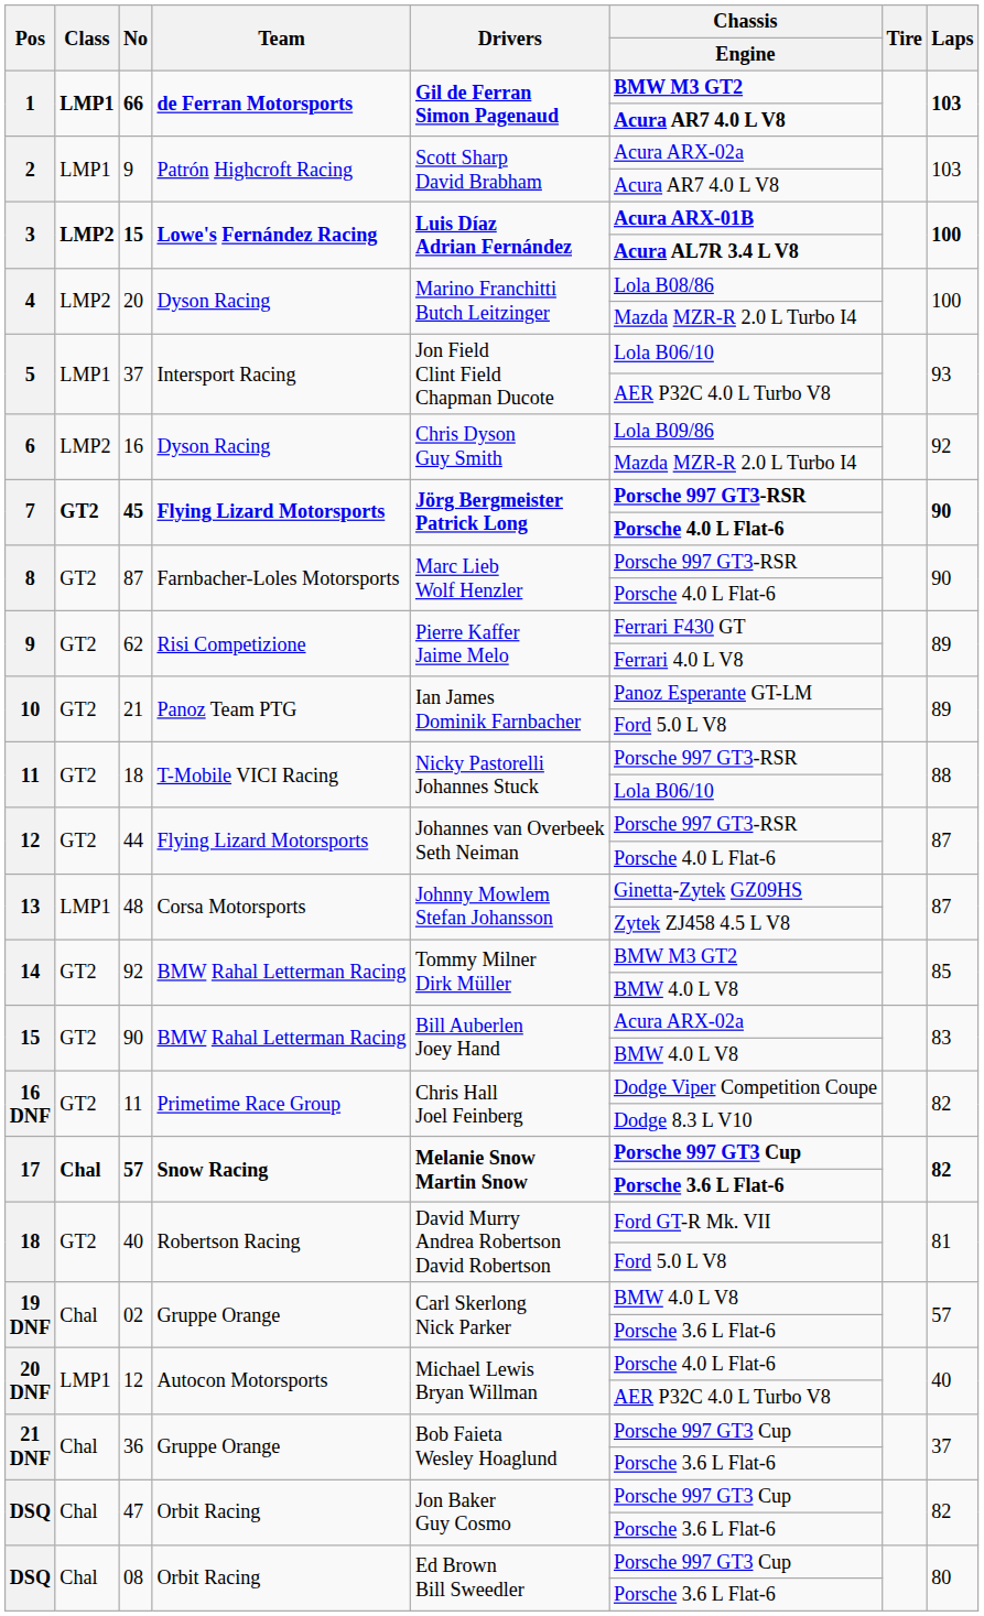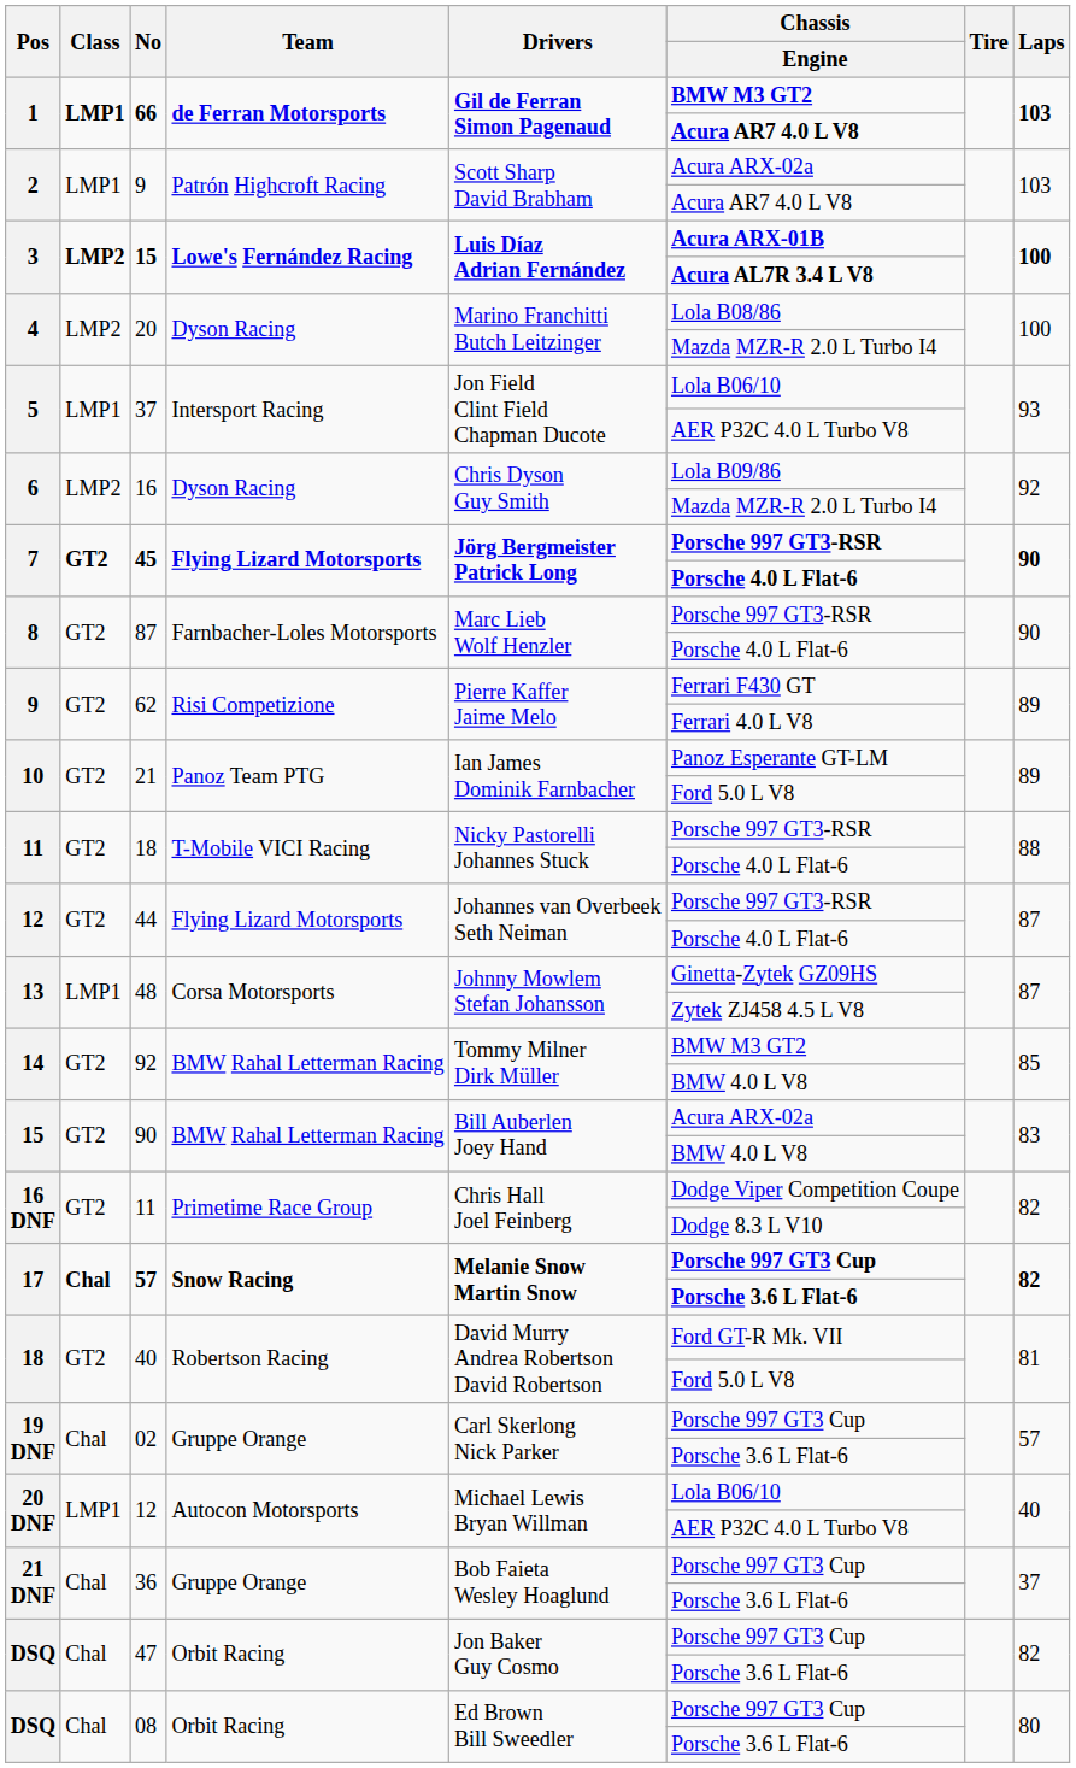 <table class="wikitable" style="font-size: 95%;">
 <tr>
 <th rowspan=2>Pos</th>
 <th rowspan=2>Class</th>
 <th rowspan=2>No</th>
 <th rowspan=2>Team</th>
 <th rowspan=2>Drivers</th>
 <th>Chassis</th>
 <th rowspan=2>Tire</th>
 <th rowspan=2>Laps</th>
 </tr>
 <tr>
 <th>Engine</th>
 </tr>
 <tr style="font-weight:bold">
 <th rowspan=2>1</th>
 <td rowspan=2>LMP1</td>
 <td rowspan=2>66</td>
 <td rowspan=2> <a href='#'>de Ferran Motorsports</a></td>
 <td rowspan=2> <a href='#'>Gil de Ferran</a><br> <a href='#'>Simon Pagenaud</a></td>
 <td><a href='#'>BMW M3 GT2</a></td>
 <td rowspan=2></td>
 <td rowspan=2>103</td>
 </tr>
 <tr style="font-weight:bold">
 <td><a href='#'>Acura</a> AR7 4.0 L V8</td>
 </tr>
 <tr>
 <th rowspan=2>2</th>
 <td rowspan=2>LMP1</td>
 <td rowspan=2>9</td>
 <td rowspan=2> <a href='#'>Patrón</a> <a href='#'>Highcroft Racing</a></td>
 <td rowspan=2> <a href='#'>Scott Sharp</a><br> <a href='#'>David Brabham</a></td>
 <td><a href='#'>Acura ARX-02a</a></td>
 <td rowspan=2></td>
 <td rowspan=2>103</td>
 </tr>
 <tr>
 <td><a href='#'>Acura</a> AR7 4.0 L V8</td>
 </tr>
 <tr style="font-weight:bold">
 <th rowspan=2>3</th>
 <td rowspan=2>LMP2</td>
 <td rowspan=2>15</td>
 <td rowspan=2> <a href='#'>Lowe's</a> <a href='#'>Fernández Racing</a></td>
 <td rowspan=2> <a href='#'>Luis Díaz</a><br> <a href='#'>Adrian Fernández</a></td>
 <td><a href='#'>Acura ARX-01B</a></td>
 <td rowspan=2></td>
 <td rowspan=2>100</td>
 </tr>
 <tr style="font-weight:bold">
 <td><a href='#'>Acura</a> AL7R 3.4 L V8</td>
 </tr>
 <tr>
 <th rowspan=2>4</th>
 <td rowspan=2>LMP2</td>
 <td rowspan=2>20</td>
 <td rowspan=2> <a href='#'>Dyson Racing</a></td>
 <td rowspan=2> <a href='#'>Marino Franchitti</a><br> <a href='#'>Butch Leitzinger</a></td>
 <td><a href='#'>Lola B08/86</a></td>
 <td rowspan=2></td>
 <td rowspan=2>100</td>
 </tr>
 <tr>
 <td><a href='#'>Mazda</a> <a href='#'>MZR-R</a> 2.0 L Turbo I4</td>
 </tr>
 <tr>
 <th rowspan=2>5</th>
 <td rowspan=2>LMP1</td>
 <td rowspan=2>37</td>
 <td rowspan=2> Intersport Racing</td>
 <td rowspan=2> Jon Field<br> Clint Field<br> Chapman Ducote</td>
 <td><a href='#'>Lola B06/10</a></td>
 <td rowspan=2></td>
 <td rowspan=2>93</td>
 </tr>
 <tr>
 <td><a href='#'>AER</a> P32C 4.0 L Turbo V8</td>
 </tr>
 <tr>
 <th rowspan=2>6</th>
 <td rowspan=2>LMP2</td>
 <td rowspan=2>16</td>
 <td rowspan=2> <a href='#'>Dyson Racing</a></td>
 <td rowspan=2> <a href='#'>Chris Dyson</a><br> <a href='#'>Guy Smith</a></td>
 <td><a href='#'>Lola B09/86</a></td>
 <td rowspan=2></td>
 <td rowspan=2>92</td>
 </tr>
 <tr>
 <td><a href='#'>Mazda</a> <a href='#'>MZR-R</a> 2.0 L Turbo I4</td>
 </tr>
 <tr style="font-weight:bold">
 <th rowspan=2>7</th>
 <td rowspan=2>GT2</td>
 <td rowspan=2>45</td>
 <td rowspan=2> <a href='#'>Flying Lizard Motorsports</a></td>
 <td rowspan=2> <a href='#'>Jörg Bergmeister</a><br> <a href='#'>Patrick Long</a></td>
 <td><a href='#'>Porsche 997 GT3</a>-RSR</td>
 <td rowspan=2></td>
 <td rowspan=2>90</td>
 </tr>
 <tr style="font-weight:bold">
 <td><a href='#'>Porsche</a> 4.0 L Flat-6</td>
 </tr>
 <tr>
 <th rowspan=2>8</th>
 <td rowspan=2>GT2</td>
 <td rowspan=2>87</td>
 <td rowspan=2> Farnbacher-Loles Motorsports</td>
 <td rowspan=2> <a href='#'>Marc Lieb</a><br> <a href='#'>Wolf Henzler</a></td>
 <td><a href='#'>Porsche 997 GT3</a>-RSR</td>
 <td rowspan=2></td>
 <td rowspan=2>90</td>
 </tr>
 <tr>
 <td><a href='#'>Porsche</a> 4.0 L Flat-6</td>
 </tr>
 <tr>
 <th rowspan=2>9</th>
 <td rowspan=2>GT2</td>
 <td rowspan=2>62</td>
 <td rowspan=2> <a href='#'>Risi Competizione</a></td>
 <td rowspan=2> <a href='#'>Pierre Kaffer</a><br> <a href='#'>Jaime Melo</a></td>
 <td><a href='#'>Ferrari F430</a> GT</td>
 <td rowspan=2></td>
 <td rowspan=2>89</td>
 </tr>
 <tr>
 <td><a href='#'>Ferrari</a> 4.0 L V8</td>
 </tr>
 <tr>
 <th rowspan=2>10</th>
 <td rowspan=2>GT2</td>
 <td rowspan=2>21</td>
 <td rowspan=2> <a href='#'>Panoz</a> Team PTG</td>
 <td rowspan=2> Ian James<br> <a href='#'>Dominik Farnbacher</a></td>
 <td><a href='#'>Panoz Esperante</a> GT-LM</td>
 <td rowspan=2></td>
 <td rowspan=2>89</td>
 </tr>
 <tr>
 <td><a href='#'>Ford</a> 5.0 L V8</td>
 </tr>
 <tr>
 <th rowspan=2>11</th>
 <td rowspan=2>GT2</td>
 <td rowspan=2>18</td>
 <td rowspan=2> <a href='#'>T-Mobile</a> VICI Racing</td>
 <td rowspan=2> <a href='#'>Nicky Pastorelli</a><br> Johannes Stuck</td>
 <td><a href='#'>Porsche 997 GT3</a>-RSR</td>
 <td rowspan=2></td>
 <td rowspan=2>88</td>
 </tr>
 <tr>
-<td><a href='#'>Lola B06/10</a></td>
+<td><a href='#'>Porsche</a> 4.0 L Flat-6</td>
 </tr>
 <tr>
 <th rowspan=2>12</th>
 <td rowspan=2>GT2</td>
 <td rowspan=2>44</td>
 <td rowspan=2> <a href='#'>Flying Lizard Motorsports</a></td>
 <td rowspan=2> Johannes van Overbeek<br> Seth Neiman</td>
 <td><a href='#'>Porsche 997 GT3</a>-RSR</td>
 <td rowspan=2></td>
 <td rowspan=2>87</td>
 </tr>
 <tr>
 <td><a href='#'>Porsche</a> 4.0 L Flat-6</td>
 </tr>
 <tr>
 <th rowspan=2>13</th>
 <td rowspan=2>LMP1</td>
 <td rowspan=2>48</td>
 <td rowspan=2> Corsa Motorsports</td>
 <td rowspan=2> <a href='#'>Johnny Mowlem</a><br> <a href='#'>Stefan Johansson</a></td>
 <td><a href='#'>Ginetta</a>-<a href='#'>Zytek</a> <a href='#'>GZ09HS</a></td>
 <td rowspan=2></td>
 <td rowspan=2>87</td>
 </tr>
 <tr>
 <td><a href='#'>Zytek</a> ZJ458 4.5 L V8</td>
 </tr>
 <tr>
 <th rowspan=2>14</th>
 <td rowspan=2>GT2</td>
 <td rowspan=2>92</td>
 <td rowspan=2> <a href='#'>BMW</a> <a href='#'>Rahal Letterman Racing</a></td>
 <td rowspan=2> Tommy Milner<br> <a href='#'>Dirk Müller</a></td>
 <td><a href='#'>BMW M3 GT2</a></td>
 <td rowspan=2></td>
 <td rowspan=2>85</td>
 </tr>
 <tr>
 <td><a href='#'>BMW</a> 4.0 L V8</td>
 </tr>
 <tr>
 <th rowspan=2>15</th>
 <td rowspan=2>GT2</td>
 <td rowspan=2>90</td>
 <td rowspan=2> <a href='#'>BMW</a> <a href='#'>Rahal Letterman Racing</a></td>
 <td rowspan=2> <a href='#'>Bill Auberlen</a><br> Joey Hand</td>
 <td><a href='#'>Acura ARX-02a</a></td>
 <td rowspan=2></td>
 <td rowspan=2>83</td>
 </tr>
 <tr>
 <td><a href='#'>BMW</a> 4.0 L V8</td>
 </tr>
 <tr>
 <th rowspan=2>16<br>DNF</th>
 <td rowspan=2>GT2</td>
 <td rowspan=2>11</td>
 <td rowspan=2> <a href='#'>Primetime Race Group</a></td>
 <td rowspan=2> Chris Hall<br> Joel Feinberg</td>
 <td><a href='#'>Dodge Viper</a> Competition Coupe</td>
 <td rowspan=2></td>
 <td rowspan=2>82</td>
 </tr>
 <tr>
 <td><a href='#'>Dodge</a> 8.3 L V10</td>
 </tr>
 <tr style="font-weight:bold">
 <th rowspan=2>17</th>
 <td rowspan=2>Chal</td>
 <td rowspan=2>57</td>
 <td rowspan=2> Snow Racing</td>
 <td rowspan=2> Melanie Snow<br> Martin Snow</td>
 <td><a href='#'>Porsche 997 GT3</a> Cup</td>
 <td rowspan=2></td>
 <td rowspan=2>82</td>
 </tr>
 <tr style="font-weight:bold">
 <td><a href='#'>Porsche</a> 3.6 L Flat-6</td>
 </tr>
 <tr>
 <th rowspan=2>18</th>
 <td rowspan=2>GT2</td>
 <td rowspan=2>40</td>
 <td rowspan=2> Robertson Racing</td>
 <td rowspan=2> David Murry<br> Andrea Robertson<br> David Robertson</td>
 <td><a href='#'>Ford GT</a>-R Mk. VII</td>
 <td rowspan=2></td>
 <td rowspan=2>81</td>
 </tr>
 <tr>
 <td><a href='#'>Ford</a> 5.0 L V8</td>
 </tr>
 <tr>
 <th rowspan=2>19<br>DNF</th>
 <td rowspan=2>Chal</td>
 <td rowspan=2>02</td>
 <td rowspan=2> Gruppe Orange</td>
 <td rowspan=2> Carl Skerlong<br> Nick Parker</td>
-<td><a href='#'>BMW</a> 4.0 L V8</td>
+<td><a href='#'>Porsche 997 GT3</a> Cup</td>
 <td rowspan=2></td>
 <td rowspan=2>57</td>
 </tr>
 <tr>
 <td><a href='#'>Porsche</a> 3.6 L Flat-6</td>
 </tr>
 <tr>
 <th rowspan=2>20<br>DNF</th>
 <td rowspan=2>LMP1</td>
 <td rowspan=2>12</td>
 <td rowspan=2> Autocon Motorsports</td>
 <td rowspan=2> Michael Lewis<br> Bryan Willman</td>
-<td><a href='#'>Porsche</a> 4.0 L Flat-6</td>
+<td><a href='#'>Lola B06/10</a></td>
 <td rowspan=2></td>
 <td rowspan=2>40</td>
 </tr>
 <tr>
 <td><a href='#'>AER</a> P32C 4.0 L Turbo V8</td>
 </tr>
 <tr>
 <th rowspan=2>21<br>DNF</th>
 <td rowspan=2>Chal</td>
 <td rowspan=2>36</td>
 <td rowspan=2> Gruppe Orange</td>
 <td rowspan=2> Bob Faieta<br> Wesley Hoaglund</td>
 <td><a href='#'>Porsche 997 GT3</a> Cup</td>
 <td rowspan=2></td>
 <td rowspan=2>37</td>
 </tr>
 <tr>
 <td><a href='#'>Porsche</a> 3.6 L Flat-6</td>
 </tr>
 <tr>
 <th rowspan=2>DSQ</th>
 <td rowspan=2>Chal</td>
 <td rowspan=2>47</td>
 <td rowspan=2> Orbit Racing</td>
 <td rowspan=2> Jon Baker<br> Guy Cosmo</td>
 <td><a href='#'>Porsche 997 GT3</a> Cup</td>
 <td rowspan=2></td>
 <td rowspan=2>82</td>
 </tr>
 <tr>
 <td><a href='#'>Porsche</a> 3.6 L Flat-6</td>
 </tr>
 <tr>
 <th rowspan=2>DSQ</th>
 <td rowspan=2>Chal</td>
 <td rowspan=2>08</td>
 <td rowspan=2> Orbit Racing</td>
 <td rowspan=2> Ed Brown<br> Bill Sweedler</td>
 <td><a href='#'>Porsche 997 GT3</a> Cup</td>
 <td rowspan=2></td>
 <td rowspan=2>80</td>
 </tr>
 <tr>
 <td><a href='#'>Porsche</a> 3.6 L Flat-6</td>
 </tr>
 </table>
